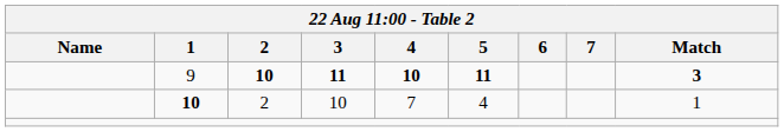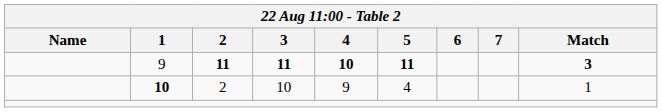 <table class=wikitable style="text-align:center; width: 55%">
 <tr>
 <th colspan=17><em>22 Aug 11:00 - Table 2</em></th>
 </tr>
 <tr>
 <th>Name</th>
 <th>1</th>
 <th>2</th>
 <th>3</th>
 <th>4</th>
 <th>5</th>
 <th>6</th>
 <th>7</th>
 <th>Match</th>
 </tr>
 <tr>
 <td style="text-align:left;"><strong></strong></td>
 <td>9</td>
-<td><strong>10</strong></td>
+<td><strong>11</strong></td>
 <td><strong>11</strong></td>
 <td><strong>10</strong></td>
 <td><strong>11</strong></td>
 <td></td>
 <td></td>
 <td><strong>3</strong></td>
 </tr>
 <tr>
 <td style="text-align:left;"></td>
 <td><strong>10</strong></td>
 <td>2</td>
 <td>10</td>
-<td>7</td>
+<td>9</td>
 <td>4</td>
 <td></td>
 <td></td>
 <td>1</td>
 </tr>
 <tr>
 <td colspan=17></td>
 </tr>
 </table>
